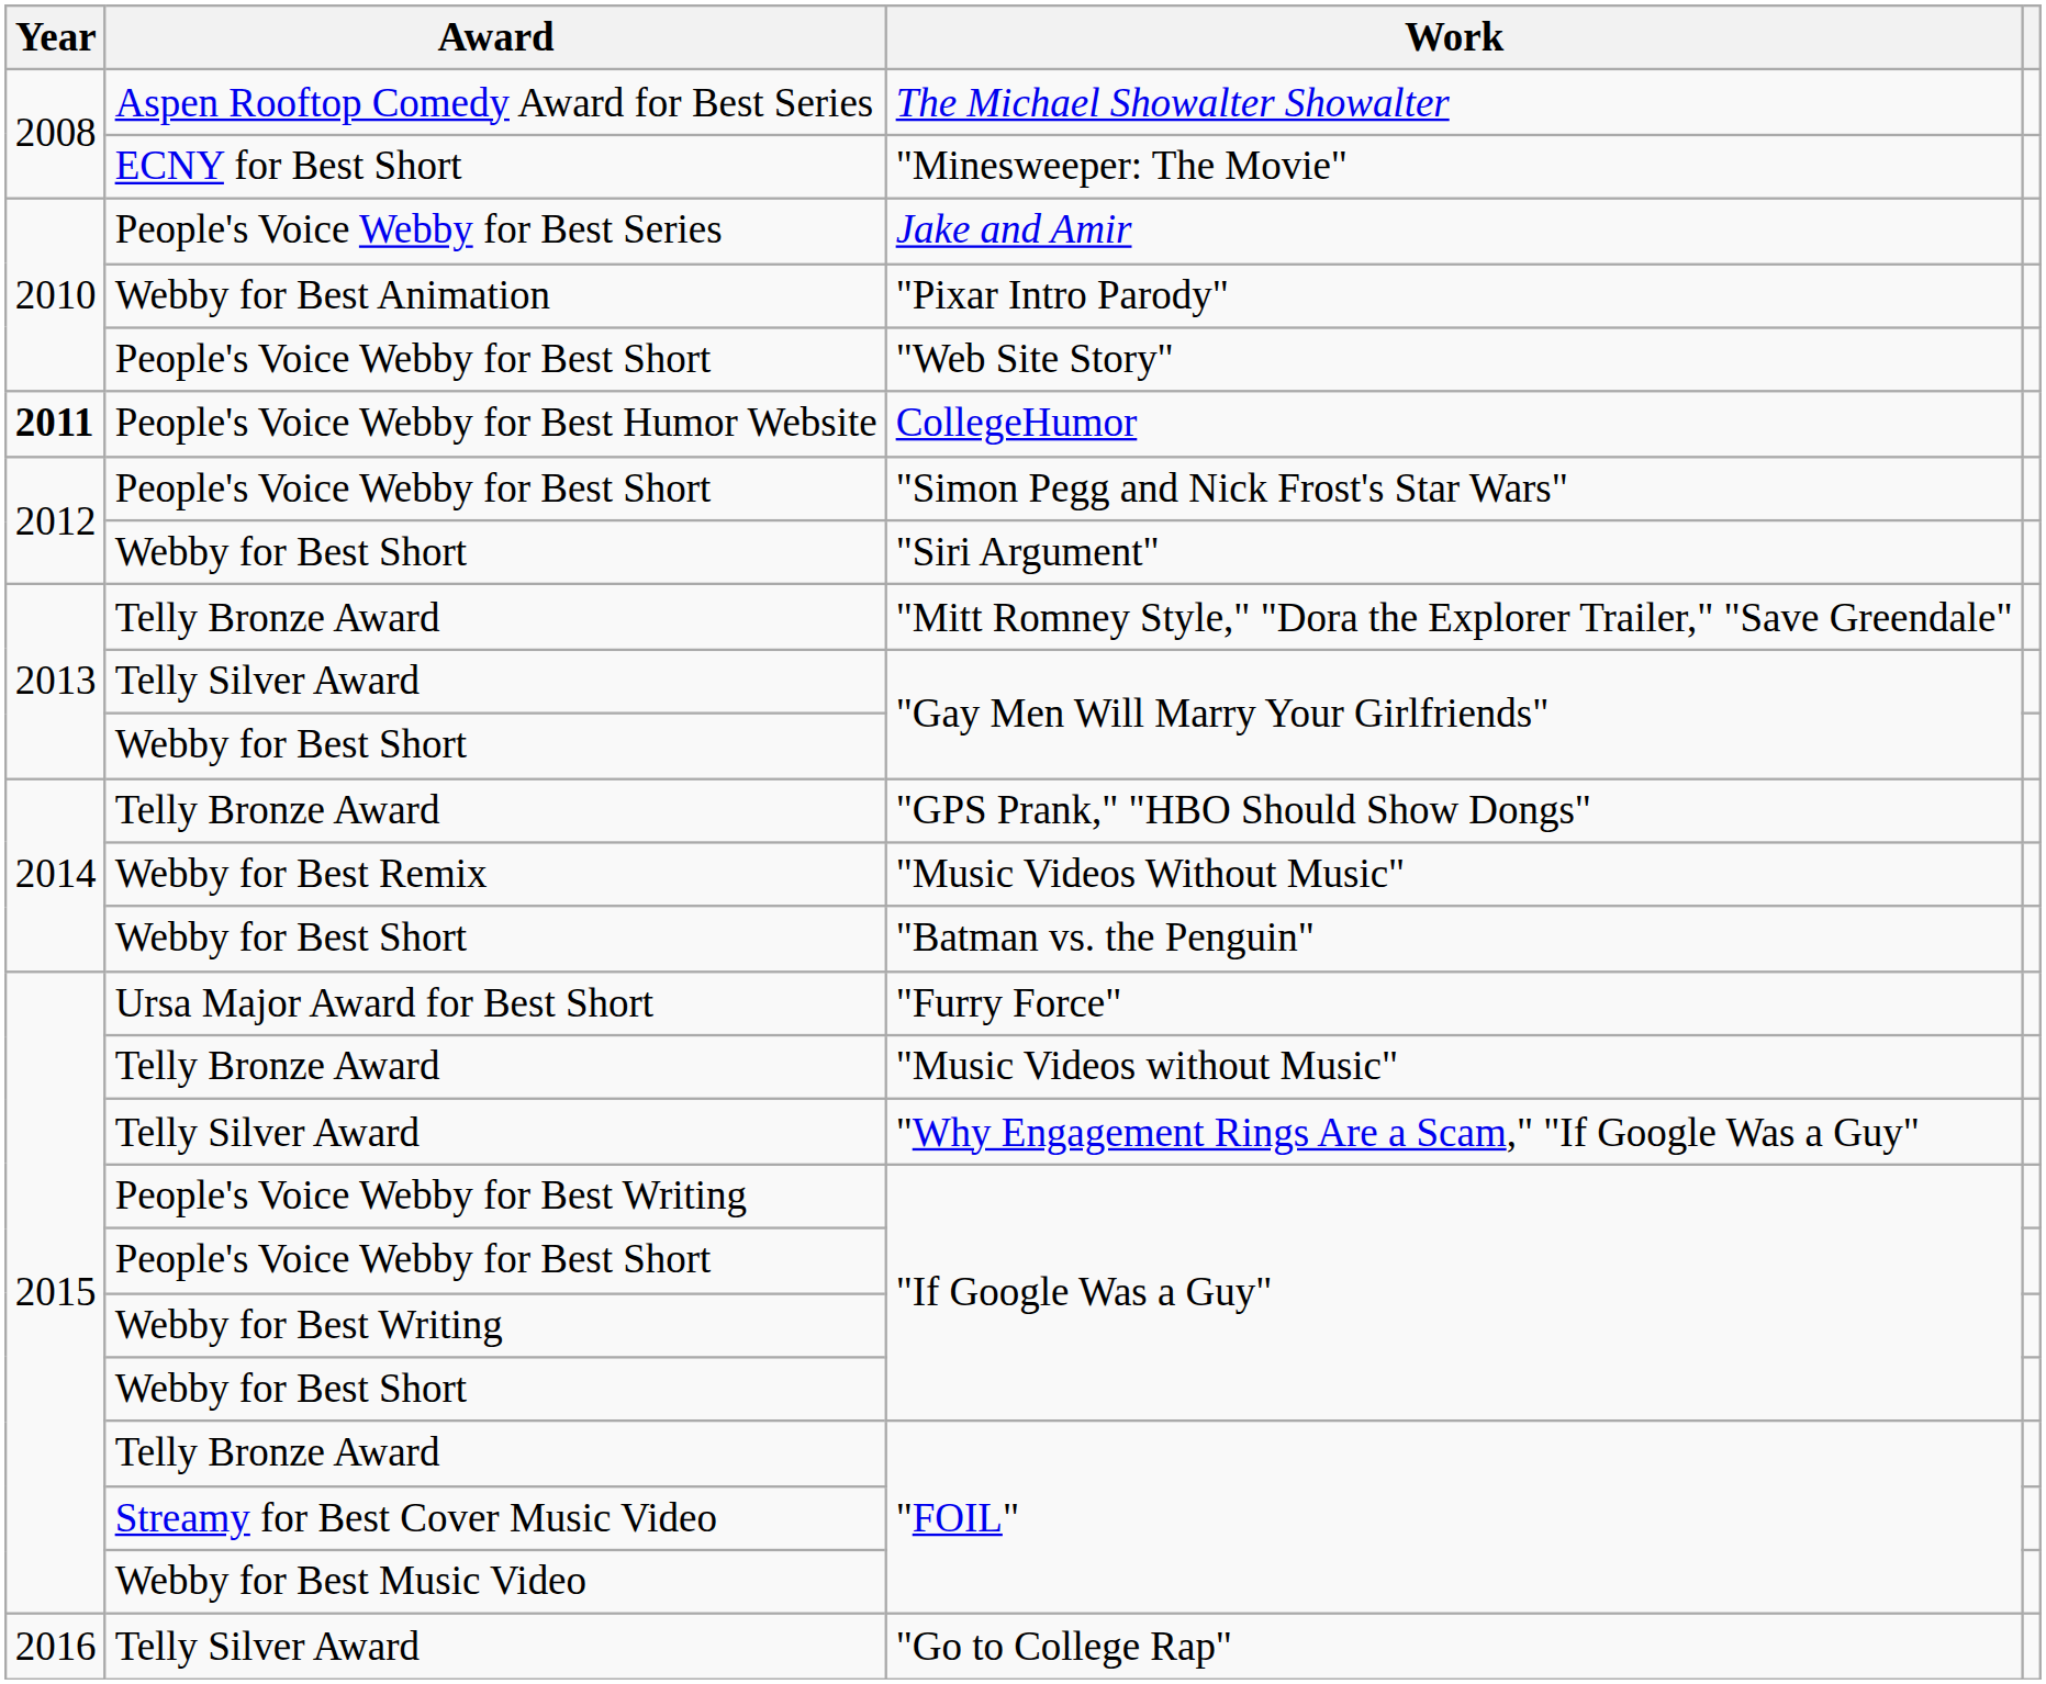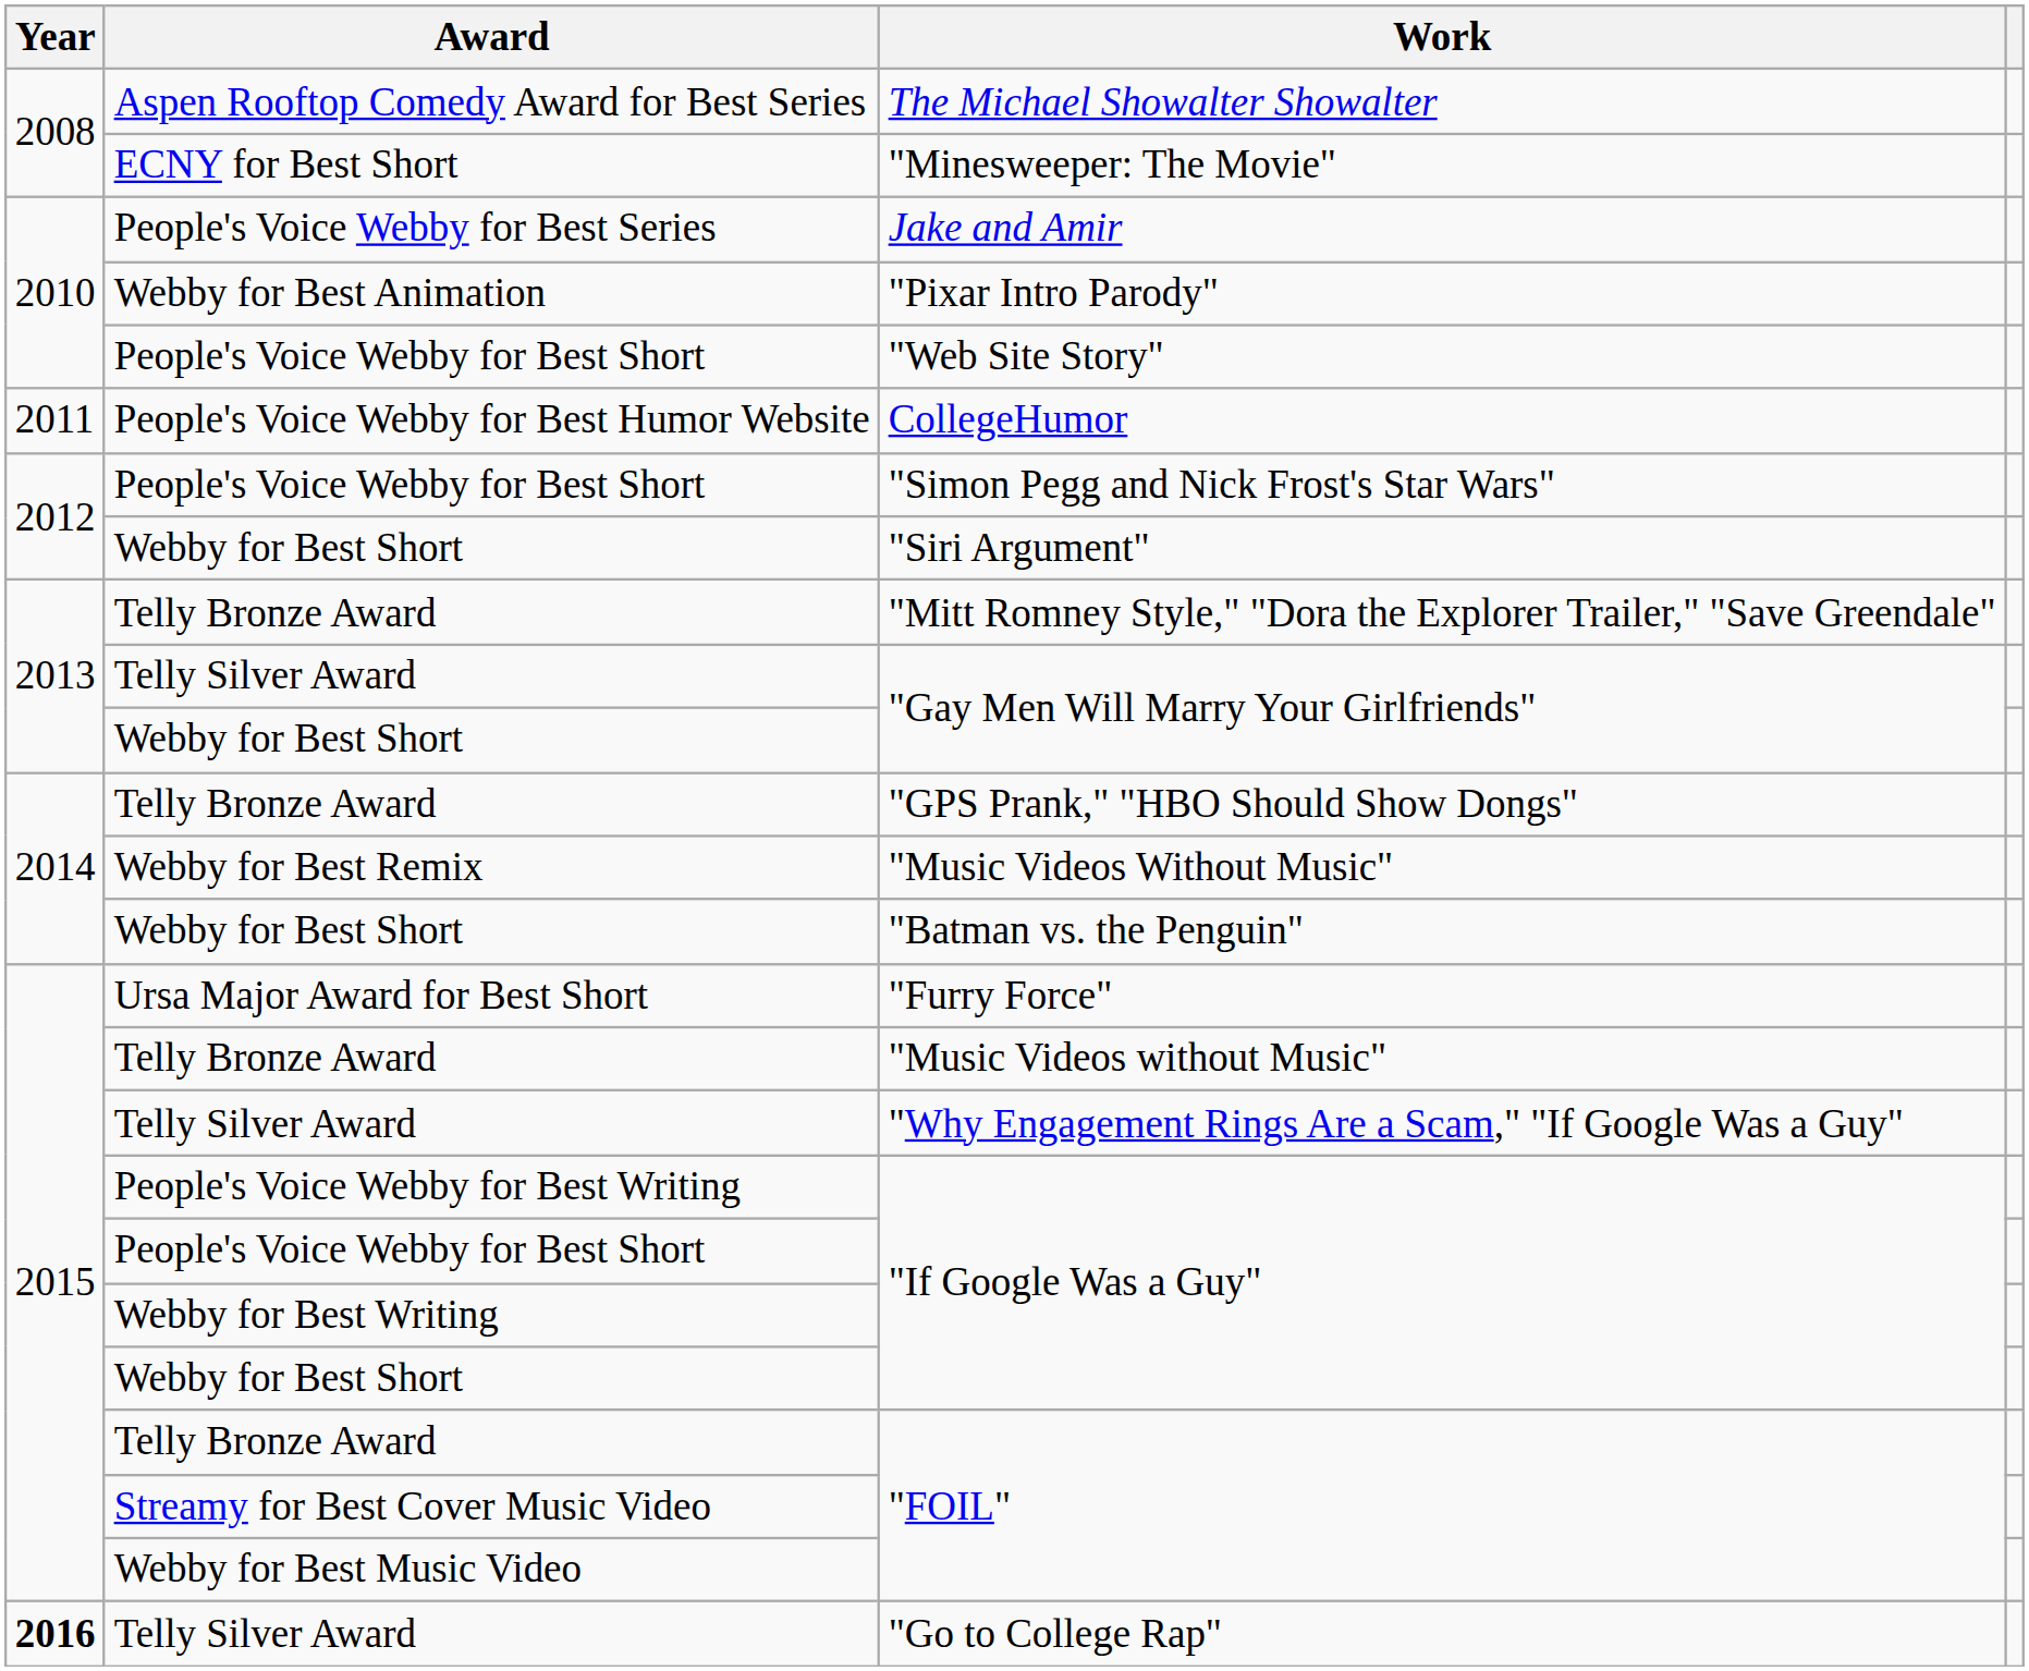 <table class="wikitable">
 <tr>
 <th>Year</th>
 <th>Award</th>
 <th>Work</th>
 <th></th>
 </tr>
 <tr>
 <td rowspan=2>2008</td>
 <td><a href='#'>Aspen Rooftop Comedy</a> Award for Best Series</td>
 <td><em><a href='#'>The Michael Showalter Showalter</a></em></td>
 <td></td>
 </tr>
 <tr>
 <td><a href='#'>ECNY</a> for Best Short</td>
 <td>"Minesweeper: The Movie"</td>
 <td></td>
 </tr>
 <tr>
 <td rowspan=3>2010</td>
 <td>People's Voice <a href='#'>Webby</a> for Best Series</td>
 <td><em><a href='#'>Jake and Amir</a></em></td>
 <td></td>
 </tr>
 <tr>
 <td>Webby for Best Animation</td>
 <td>"Pixar Intro Parody"</td>
 <td></td>
 </tr>
 <tr>
 <td>People's Voice Webby for Best Short</td>
 <td>"Web Site Story"</td>
 <td></td>
 </tr>
 <tr>
-<td><strong>2011</strong></td>
+<td>2011</td>
 <td>People's Voice Webby for Best Humor Website</td>
 <td><a href='#'>CollegeHumor</a></td>
 <td></td>
 </tr>
 <tr>
 <td rowspan=2>2012</td>
 <td>People's Voice Webby for Best Short</td>
 <td>"Simon Pegg and Nick Frost's Star Wars"</td>
 <td></td>
 </tr>
 <tr>
 <td>Webby for Best Short</td>
 <td>"Siri Argument"</td>
 <td></td>
 </tr>
 <tr>
 <td rowspan=3>2013</td>
 <td>Telly Bronze Award</td>
 <td>"Mitt Romney Style," "Dora the Explorer Trailer," "Save Greendale"</td>
 <td></td>
 </tr>
 <tr>
 <td>Telly Silver Award</td>
 <td rowspan=2>"Gay Men Will Marry Your Girlfriends"</td>
 <td></td>
 </tr>
 <tr>
 <td>Webby for Best Short</td>
 <td></td>
 </tr>
 <tr>
 <td rowspan=3>2014</td>
 <td>Telly Bronze Award</td>
 <td>"GPS Prank," "HBO Should Show Dongs"</td>
 <td></td>
 </tr>
 <tr>
 <td>Webby for Best Remix</td>
 <td>"Music Videos Without Music"</td>
 <td></td>
 </tr>
 <tr>
 <td>Webby for Best Short</td>
 <td>"Batman vs. the Penguin"</td>
 <td></td>
 </tr>
 <tr>
 <td rowspan=10>2015</td>
 <td>Ursa Major Award for Best Short</td>
 <td>"Furry Force"</td>
 <td></td>
 </tr>
 <tr>
 <td>Telly Bronze Award</td>
 <td>"Music Videos without Music"</td>
 <td></td>
 </tr>
 <tr>
 <td>Telly Silver Award</td>
 <td>"<a href='#'>Why Engagement Rings Are a Scam</a>," "If Google Was a Guy"</td>
 <td></td>
 </tr>
 <tr>
 <td>People's Voice Webby for Best Writing</td>
 <td rowspan=4>"If Google Was a Guy"</td>
 <td></td>
 </tr>
 <tr>
 <td>People's Voice Webby for Best Short</td>
 <td></td>
 </tr>
 <tr>
 <td>Webby for Best Writing</td>
 <td></td>
 </tr>
 <tr>
 <td>Webby for Best Short</td>
 <td></td>
 </tr>
 <tr>
 <td>Telly Bronze Award</td>
 <td rowspan=3>"<a href='#'>FOIL</a>"</td>
 <td></td>
 </tr>
 <tr>
 <td><a href='#'>Streamy</a> for Best Cover Music Video</td>
 <td></td>
 </tr>
 <tr>
 <td>Webby for Best Music Video</td>
 <td></td>
 </tr>
 <tr>
-<td>2016</td>
+<td><strong>2016</strong></td>
 <td>Telly Silver Award</td>
 <td>"Go to College Rap"</td>
 <td></td>
 </tr>
 </table>
